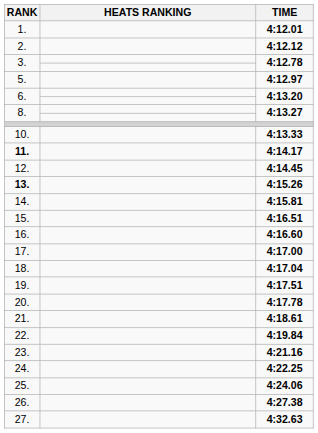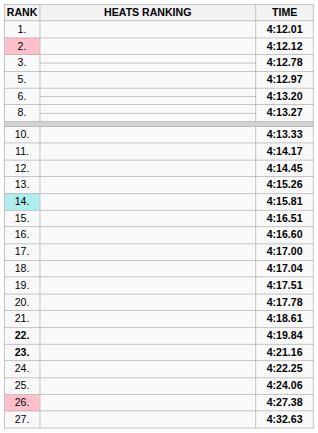 <table class="wikitable">
 <tr>
 <th>RANK</th>
 <th style="width: 20em">HEATS RANKING</th>
 <th style="width: 5em">TIME</th>
 </tr>
 <tr>
 <td align="center">1.</td>
 <td></td>
 <td align="center"><strong>4:12.01</strong></td>
 </tr>
 <tr>
-<td align="center">2.</td>
+<td align="center" style="background: pink;">2.</td>
 <td></td>
 <td align="center"><strong>4:12.12</strong></td>
 </tr>
 <tr>
 <td rowspan=2 align="center">3.</td>
 <td></td>
 <td rowspan=2 align="center"><strong>4:12.78</strong></td>
 </tr>
 <tr>
 <td></td>
 </tr>
 <tr>
 <td align="center">5.</td>
 <td></td>
 <td align="center"><strong>4:12.97</strong></td>
 </tr>
 <tr>
 <td rowspan=2 align="center">6.</td>
 <td></td>
 <td rowspan=2 align="center"><strong>4:13.20</strong></td>
 </tr>
 <tr>
 <td></td>
 </tr>
 <tr>
 <td rowspan=2 align="center">8.</td>
 <td></td>
 <td rowspan=2 align="center"><strong>4:13.27</strong></td>
 </tr>
 <tr>
 <td></td>
 </tr>
 <tr>
 <td colspan=3 bgcolor=lightgray></td>
 </tr>
 <tr>
 <td align="center">10.</td>
 <td></td>
 <td align="center"><strong>4:13.33 </strong></td>
 </tr>
 <tr>
-<td align="center"><strong>11.</strong></td>
+<td align="center">11.</td>
 <td></td>
 <td align="center"><strong>4:14.17 </strong></td>
 </tr>
 <tr>
 <td align="center">12.</td>
 <td></td>
 <td align="center"><strong>4:14.45 </strong></td>
 </tr>
 <tr>
-<td align="center"><strong>13.</strong></td>
+<td align="center">13.</td>
 <td></td>
 <td align="center"><strong>4:15.26 </strong></td>
 </tr>
 <tr>
-<td align="center">14.</td>
+<td align="center" style="background: paleturquoise;">14.</td>
 <td></td>
 <td align="center"><strong>4:15.81 </strong></td>
 </tr>
 <tr>
 <td align="center">15.</td>
 <td></td>
 <td align="center"><strong>4:16.51 </strong></td>
 </tr>
 <tr>
 <td align="center">16.</td>
 <td></td>
 <td align="center"><strong>4:16.60 </strong></td>
 </tr>
 <tr>
 <td align="center">17.</td>
 <td></td>
 <td align="center"><strong>4:17.00 </strong></td>
 </tr>
 <tr>
 <td align="center">18.</td>
 <td></td>
 <td align="center"><strong>4:17.04 </strong></td>
 </tr>
 <tr>
 <td align="center">19.</td>
 <td></td>
 <td align="center"><strong>4:17.51 </strong></td>
 </tr>
 <tr>
 <td align="center">20.</td>
 <td></td>
 <td align="center"><strong>4:17.78 </strong></td>
 </tr>
 <tr>
 <td align="center">21.</td>
 <td></td>
 <td align="center"><strong>4:18.61 </strong></td>
 </tr>
 <tr>
-<td align="center">22.</td>
+<td align="center"><strong>22.</strong></td>
 <td></td>
 <td align="center"><strong>4:19.84 </strong></td>
 </tr>
 <tr>
-<td align="center">23.</td>
+<td align="center"><strong>23.</strong></td>
 <td></td>
 <td align="center"><strong>4:21.16 </strong></td>
 </tr>
 <tr>
 <td align="center">24.</td>
 <td></td>
 <td align="center"><strong>4:22.25 </strong></td>
 </tr>
 <tr>
 <td align="center">25.</td>
 <td></td>
 <td align="center"><strong>4:24.06 </strong></td>
 </tr>
 <tr>
-<td align="center">26.</td>
+<td align="center" style="background: pink;">26.</td>
 <td></td>
 <td align="center"><strong>4:27.38 </strong></td>
 </tr>
 <tr>
 <td align="center">27.</td>
 <td></td>
 <td align="center"><strong>4:32.63 </strong></td>
 </tr>
 </table>
